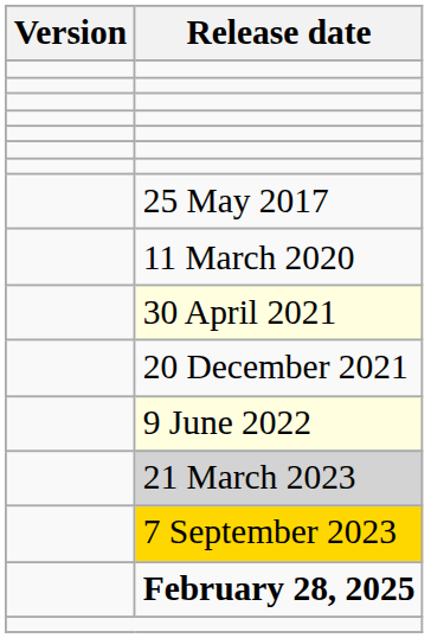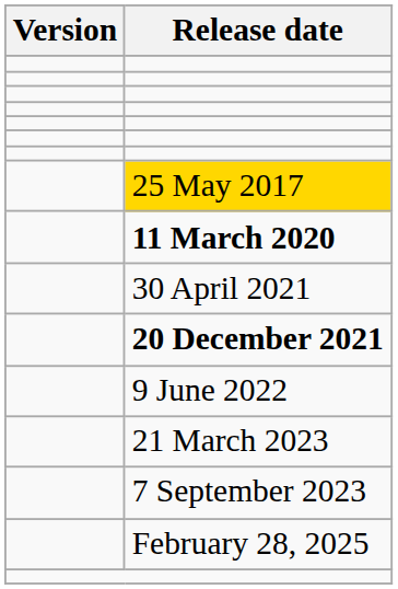 <table class="wikitable sortable">
 <tr>
 <th scope="col" data-sort-type="number">Version</th>
 <th scope="col">Release date</th>
 </tr>
 <tr>
 <td></td>
 <td></td>
 </tr>
 <tr>
 <td></td>
 <td></td>
 </tr>
 <tr>
 <td></td>
 <td></td>
 </tr>
 <tr>
 <td></td>
 <td></td>
 </tr>
 <tr>
 <td></td>
 <td></td>
 </tr>
 <tr>
 <td></td>
 <td></td>
 </tr>
 <tr>
 <td></td>
 <td></td>
 </tr>
 <tr>
 <td></td>
-<td>25 May 2017</td>
+<td style="background: gold;">25 May 2017</td>
 </tr>
 <tr>
 <td></td>
-<td>11 March 2020</td>
+<td><strong>11 March 2020</strong></td>
 </tr>
 <tr>
 <td></td>
-<td style="background: lightyellow;">30 April 2021</td>
+<td>30 April 2021</td>
 </tr>
 <tr>
 <td></td>
-<td>20 December 2021</td>
+<td><strong>20 December 2021</strong></td>
 </tr>
 <tr>
 <td></td>
-<td style="background: lightyellow;">9 June 2022</td>
+<td>9 June 2022</td>
 </tr>
 <tr>
 <td></td>
-<td style="background: lightgrey;">21 March 2023</td>
+<td>21 March 2023</td>
 </tr>
 <tr>
 <td></td>
-<td style="background: gold;">7 September 2023</td>
+<td>7 September 2023</td>
 </tr>
 <tr>
 <td></td>
-<td><strong>February 28, 2025</strong></td>
+<td>February 28, 2025</td>
 </tr>
 <tr>
 <td colspan="2"><small></small></td>
 </tr>
 </table>
